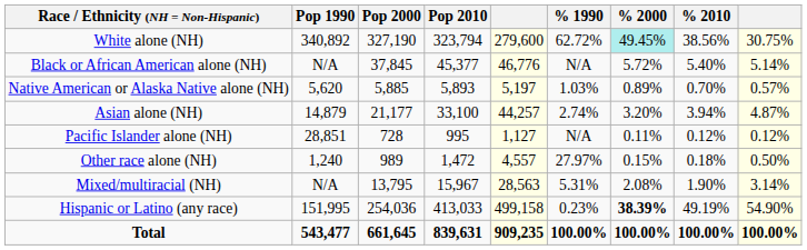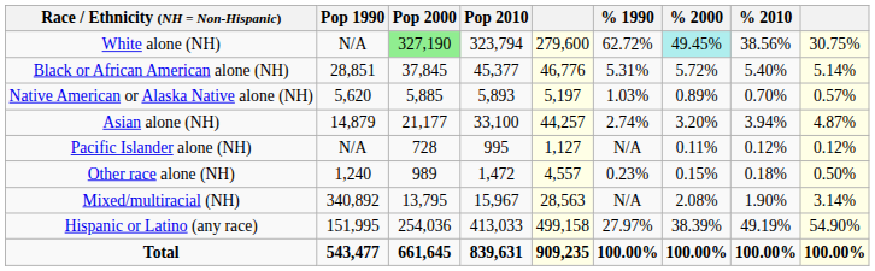 <table class="wikitable" style="text-align:center;">
 <tr>
 <th>Race / Ethnicity <small>(<em>NH = Non-Hispanic</em>)</small></th>
 <th>Pop 1990</th>
 <th>Pop 2000</th>
 <th>Pop 2010</th>
 <th></th>
 <th>% 1990</th>
 <th>% 2000</th>
 <th>% 2010</th>
 <th></th>
 </tr>
 <tr>
 <td><a href='#'>White</a> alone (NH)</td>
-<td>340,892</td>
-<td>327,190</td>
+<td>N/A</td>
+<td style="background: lightgreen;">327,190</td>
 <td>323,794</td>
 <td style='background: #ffffe6;'>279,600</td>
 <td>62.72%</td>
 <td style="background: paleturquoise;">49.45%</td>
 <td>38.56%</td>
 <td style='background: #ffffe6;'>30.75%</td>
 </tr>
 <tr>
 <td><a href='#'>Black or African American</a> alone (NH)</td>
-<td>N/A</td>
+<td>28,851</td>
 <td>37,845</td>
 <td>45,377</td>
 <td style='background: #ffffe6;'>46,776</td>
-<td>N/A</td>
+<td>5.31%</td>
 <td>5.72%</td>
 <td>5.40%</td>
 <td style='background: #ffffe6;'>5.14%</td>
 </tr>
 <tr>
 <td><a href='#'>Native American</a> or <a href='#'>Alaska Native</a> alone (NH)</td>
 <td>5,620</td>
 <td>5,885</td>
 <td>5,893</td>
 <td style='background: #ffffe6;'>5,197</td>
 <td>1.03%</td>
 <td>0.89%</td>
 <td>0.70%</td>
 <td style='background: #ffffe6;'>0.57%</td>
 </tr>
 <tr>
 <td><a href='#'>Asian</a> alone (NH)</td>
 <td>14,879</td>
 <td>21,177</td>
 <td>33,100</td>
 <td style='background: #ffffe6;'>44,257</td>
 <td>2.74%</td>
 <td>3.20%</td>
 <td>3.94%</td>
 <td style='background: #ffffe6;'>4.87%</td>
 </tr>
 <tr>
 <td><a href='#'>Pacific Islander</a> alone (NH)</td>
-<td>28,851</td>
+<td>N/A</td>
 <td>728</td>
 <td>995</td>
 <td style='background: #ffffe6;'>1,127</td>
 <td>N/A</td>
 <td>0.11%</td>
 <td>0.12%</td>
 <td style='background: #ffffe6;'>0.12%</td>
 </tr>
 <tr>
 <td><a href='#'>Other race</a> alone (NH)</td>
 <td>1,240</td>
 <td>989</td>
 <td>1,472</td>
 <td style='background: #ffffe6;'>4,557</td>
-<td>27.97%</td>
+<td>0.23%</td>
 <td>0.15%</td>
 <td>0.18%</td>
 <td style='background: #ffffe6;'>0.50%</td>
 </tr>
 <tr>
 <td><a href='#'>Mixed/multiracial</a> (NH)</td>
-<td>N/A</td>
+<td>340,892</td>
 <td>13,795</td>
 <td>15,967</td>
 <td style='background: #ffffe6;'>28,563</td>
-<td>5.31%</td>
+<td>N/A</td>
 <td>2.08%</td>
 <td>1.90%</td>
 <td style='background: #ffffe6;'>3.14%</td>
 </tr>
 <tr>
 <td><a href='#'>Hispanic or Latino</a> (any race)</td>
 <td>151,995</td>
 <td>254,036</td>
 <td>413,033</td>
 <td style='background: #ffffe6;'>499,158</td>
-<td>0.23%</td>
-<td><strong>38.39%</strong></td>
+<td>27.97%</td>
+<td>38.39%</td>
 <td>49.19%</td>
 <td style='background: #ffffe6;'>54.90%</td>
 </tr>
 <tr>
 <td><strong>Total</strong></td>
 <td><strong>543,477</strong></td>
 <td><strong>661,645</strong></td>
 <td><strong>839,631</strong></td>
 <td style='background: #ffffe6;'><strong>909,235</strong></td>
 <td><strong>100.00%</strong></td>
 <td><strong>100.00%</strong></td>
 <td><strong>100.00%</strong></td>
 <td style='background: #ffffe6;'><strong>100.00%</strong></td>
 </tr>
 </table>
